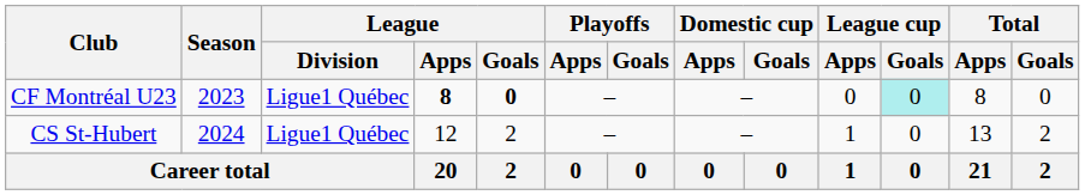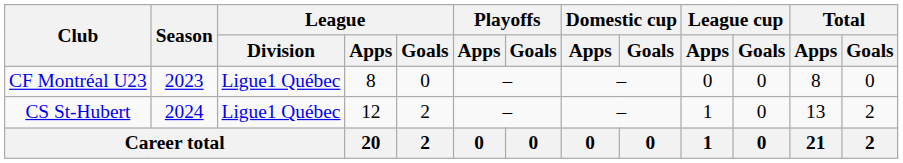 <table class="wikitable" style="text-align:center">
 <tr>
 <th rowspan="2">Club</th>
 <th rowspan="2">Season</th>
 <th colspan="3">League</th>
 <th colspan="2">Playoffs</th>
 <th colspan="2">Domestic cup</th>
 <th colspan="2">League cup</th>
 <th colspan="2">Total</th>
 </tr>
 <tr>
 <th>Division</th>
 <th>Apps</th>
 <th>Goals</th>
 <th>Apps</th>
 <th>Goals</th>
 <th>Apps</th>
 <th>Goals</th>
 <th>Apps</th>
 <th>Goals</th>
 <th>Apps</th>
 <th>Goals</th>
 </tr>
 <tr>
 <td><a href='#'>CF Montréal U23</a></td>
 <td><a href='#'>2023</a></td>
 <td><a href='#'>Ligue1 Québec</a></td>
-<td><strong>8</strong></td>
-<td><strong>0</strong></td>
+<td>8</td>
+<td>0</td>
 <td colspan="2">–</td>
 <td colspan="2">–</td>
 <td>0</td>
-<td style="background: paleturquoise;">0</td>
+<td>0</td>
 <td>8</td>
 <td>0</td>
 </tr>
 <tr>
 <td><a href='#'>CS St-Hubert</a></td>
 <td><a href='#'>2024</a></td>
 <td><a href='#'>Ligue1 Québec</a></td>
 <td>12</td>
 <td>2</td>
 <td colspan="2">–</td>
 <td colspan="2">–</td>
 <td>1</td>
 <td>0</td>
 <td>13</td>
 <td>2</td>
 </tr>
 <tr>
 <th colspan="3">Career total</th>
 <th>20</th>
 <th>2</th>
 <th>0</th>
 <th>0</th>
 <th>0</th>
 <th>0</th>
 <th>1</th>
 <th>0</th>
 <th>21</th>
 <th>2</th>
 </tr>
 </table>
